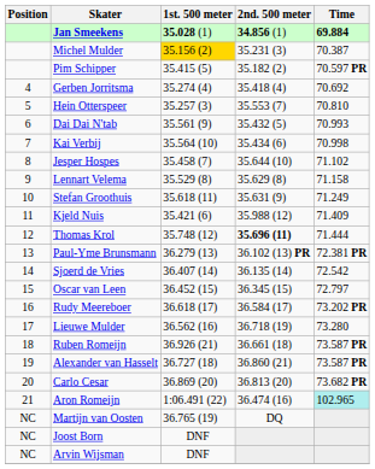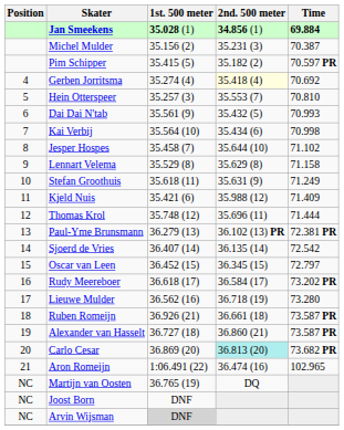 <table class="wikitable">
 <tr>
 <th>Position</th>
 <th>Skater</th>
 <th>1st. 500 meter</th>
 <th>2nd. 500 meter</th>
 <th>Time</th>
 </tr>
 <tr bgcolor=ccffcc>
 <td align="center"></td>
 <td><strong><a href='#'>Jan Smeekens</a></strong></td>
 <td><strong>35.028</strong> (1)</td>
 <td><strong>34.856</strong> (1)</td>
 <td><strong>69.884</strong></td>
 </tr>
 <tr>
 <td align="center"></td>
 <td><a href='#'>Michel Mulder</a></td>
-<td style="background: gold;">35.156 (2)</td>
+<td>35.156 (2)</td>
 <td>35.231 (3)</td>
 <td>70.387</td>
 </tr>
 <tr>
 <td align="center"></td>
 <td><a href='#'>Pim Schipper</a></td>
 <td>35.415 (5)</td>
 <td>35.182 (2)</td>
 <td>70.597 <strong>PR</strong></td>
 </tr>
 <tr>
 <td align="center">4</td>
 <td><a href='#'>Gerben Jorritsma</a></td>
 <td>35.274 (4)</td>
-<td>35.418 (4)</td>
+<td style="background: lightyellow;">35.418 (4)</td>
 <td>70.692</td>
 </tr>
 <tr>
 <td align="center">5</td>
 <td><a href='#'>Hein Otterspeer</a></td>
 <td>35.257 (3)</td>
 <td>35.553 (7)</td>
 <td>70.810</td>
 </tr>
 <tr>
 <td align="center">6</td>
 <td><a href='#'>Dai Dai N'tab</a></td>
 <td>35.561 (9)</td>
 <td>35.432 (5)</td>
 <td>70.993</td>
 </tr>
 <tr>
 <td align="center">7</td>
 <td><a href='#'>Kai Verbij</a></td>
 <td>35.564 (10)</td>
 <td>35.434 (6)</td>
 <td>70.998</td>
 </tr>
 <tr>
 <td align="center">8</td>
 <td><a href='#'>Jesper Hospes</a></td>
 <td>35.458 (7)</td>
 <td>35.644 (10)</td>
 <td>71.102</td>
 </tr>
 <tr>
 <td align="center">9</td>
 <td><a href='#'>Lennart Velema</a></td>
 <td>35.529 (8)</td>
 <td>35.629 (8)</td>
 <td>71.158</td>
 </tr>
 <tr>
 <td align="center">10</td>
 <td><a href='#'>Stefan Groothuis</a></td>
 <td>35.618 (11)</td>
 <td>35.631 (9)</td>
 <td>71.249</td>
 </tr>
 <tr>
 <td align="center">11</td>
 <td><a href='#'>Kjeld Nuis</a></td>
 <td>35.421 (6)</td>
 <td>35.988 (12)</td>
 <td>71.409</td>
 </tr>
 <tr>
 <td align="center">12</td>
 <td><a href='#'>Thomas Krol</a></td>
 <td>35.748 (12)</td>
-<td><strong>35.696 (11)</strong></td>
+<td>35.696 (11)</td>
 <td>71.444</td>
 </tr>
 <tr>
 <td align="center">13</td>
 <td><a href='#'>Paul-Yme Brunsmann</a></td>
 <td>36.279 (13)</td>
 <td>36.102 (13)  <strong>PR</strong></td>
 <td>72.381 <strong>PR</strong></td>
 </tr>
 <tr>
 <td align="center">14</td>
 <td><a href='#'>Sjoerd de Vries</a></td>
 <td>36.407 (14)</td>
 <td>36.135 (14)</td>
 <td>72.542</td>
 </tr>
 <tr>
 <td align="center">15</td>
 <td><a href='#'>Oscar van Leen</a></td>
 <td>36.452 (15)</td>
 <td>36.345 (15)</td>
 <td>72.797</td>
 </tr>
 <tr>
 <td align="center">16</td>
 <td><a href='#'>Rudy Meereboer</a></td>
 <td>36.618 (17)</td>
 <td>36.584 (17)</td>
 <td>73.202 <strong>PR</strong></td>
 </tr>
 <tr>
 <td align="center">17</td>
 <td><a href='#'>Lieuwe Mulder</a></td>
 <td>36.562 (16)</td>
 <td>36.718 (19)</td>
 <td>73.280</td>
 </tr>
 <tr>
 <td align="center">18</td>
 <td><a href='#'>Ruben Romeijn</a></td>
 <td>36.926 (21)</td>
 <td>36.661 (18)</td>
 <td>73.587 <strong>PR</strong></td>
 </tr>
 <tr>
 <td align="center">19</td>
 <td><a href='#'>Alexander van Hasselt</a></td>
 <td>36.727 (18)</td>
 <td>36.860 (21)</td>
 <td>73.587 <strong>PR</strong></td>
 </tr>
 <tr>
 <td align="center">20</td>
 <td><a href='#'>Carlo Cesar</a></td>
 <td>36.869 (20)</td>
-<td>36.813 (20)</td>
+<td style="background: paleturquoise;">36.813 (20)</td>
 <td>73.682 <strong>PR</strong></td>
 </tr>
 <tr>
 <td align="center">21</td>
 <td><a href='#'>Aron Romeijn</a></td>
 <td>1:06.491 (22)</td>
 <td>36.474 (16)</td>
-<td style="background: paleturquoise;">102.965</td>
+<td>102.965</td>
 </tr>
 <tr>
 <td align="center">NC</td>
 <td><a href='#'>Martijn van Oosten</a></td>
 <td>36.765 (19)</td>
 <td align="center">DQ</td>
 <td bgcolor=#EEEEEE></td>
 </tr>
 <tr>
 <td align="center">NC</td>
 <td><a href='#'>Joost Born</a></td>
 <td align="center">DNF</td>
 <td bgcolor=#EEEEEE></td>
 <td bgcolor=#EEEEEE></td>
 </tr>
 <tr>
 <td align="center">NC</td>
 <td><a href='#'>Arvin Wijsman</a></td>
-<td align="center">DNF</td>
+<td align="center" style="background: lightgrey;">DNF</td>
 <td bgcolor=#EEEEEE></td>
 <td bgcolor=#EEEEEE></td>
 </tr>
 <tr>
 </tr>
 </table>
